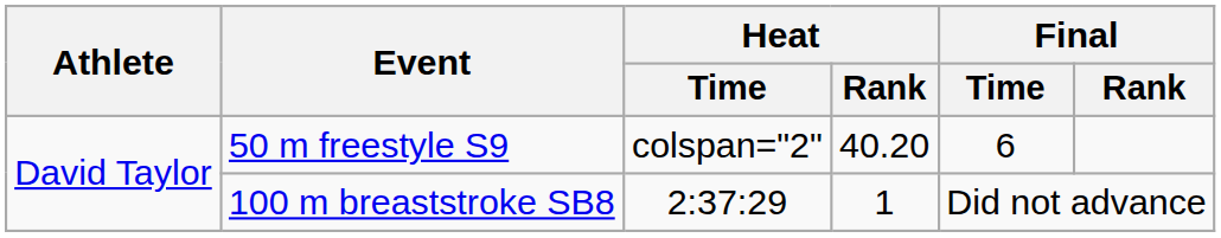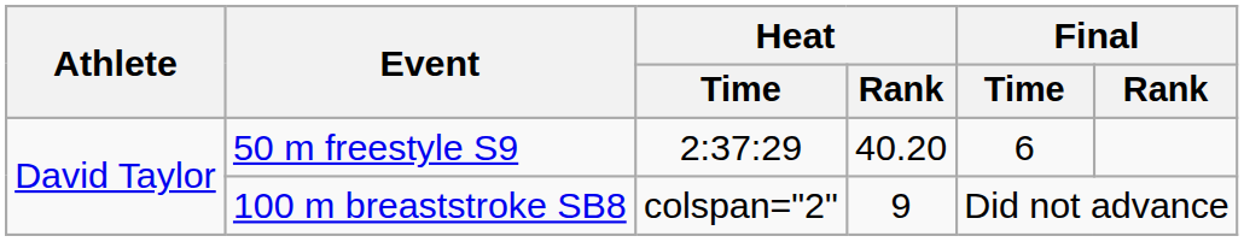 <table class=wikitable style="font-size:90%">
 <tr>
 <th rowspan="2">Athlete</th>
 <th rowspan="2">Event</th>
 <th colspan="2">Heat</th>
 <th colspan="2">Final</th>
 </tr>
 <tr style="font-size:95%">
 <th>Time</th>
 <th>Rank</th>
 <th>Time</th>
 <th>Rank</th>
 </tr>
 <tr align=center>
 <td align=left rowspan="2"><a href='#'>David Taylor</a></td>
 <td align=left><a href='#'>50 m freestyle S9</a></td>
-<td>colspan="2" </td>
+<td>2:37:29</td>
 <td>40.20</td>
 <td>6</td>
 </tr>
 <tr align=center>
 <td align=left><a href='#'>100 m breaststroke SB8</a></td>
-<td>2:37:29</td>
-<td>1</td>
+<td>colspan="2" </td>
+<td>9</td>
 <td colspan="2">Did not advance</td>
 </tr>
 </table>
